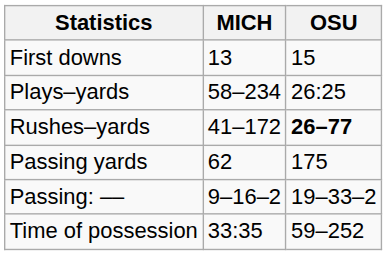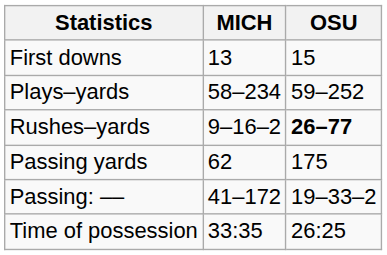 <table class="wikitable" style="float:left">
 <tr>
 <th>Statistics</th>
 <th>MICH</th>
 <th>OSU</th>
 </tr>
 <tr>
 <td>First downs</td>
 <td>13</td>
 <td>15</td>
 </tr>
 <tr>
 <td>Plays–yards</td>
 <td>58–234</td>
-<td>26:25</td>
+<td>59–252</td>
 </tr>
 <tr>
 <td>Rushes–yards</td>
-<td>41–172</td>
+<td>9–16–2</td>
 <td><strong>26–77</strong></td>
 </tr>
 <tr>
 <td>Passing yards</td>
 <td>62</td>
 <td>175</td>
 </tr>
 <tr>
 <td>Passing: ––</td>
-<td>9–16–2</td>
+<td>41–172</td>
 <td>19–33–2</td>
 </tr>
 <tr>
 <td>Time of possession</td>
 <td>33:35</td>
-<td>59–252</td>
+<td>26:25</td>
 </tr>
 </table>
